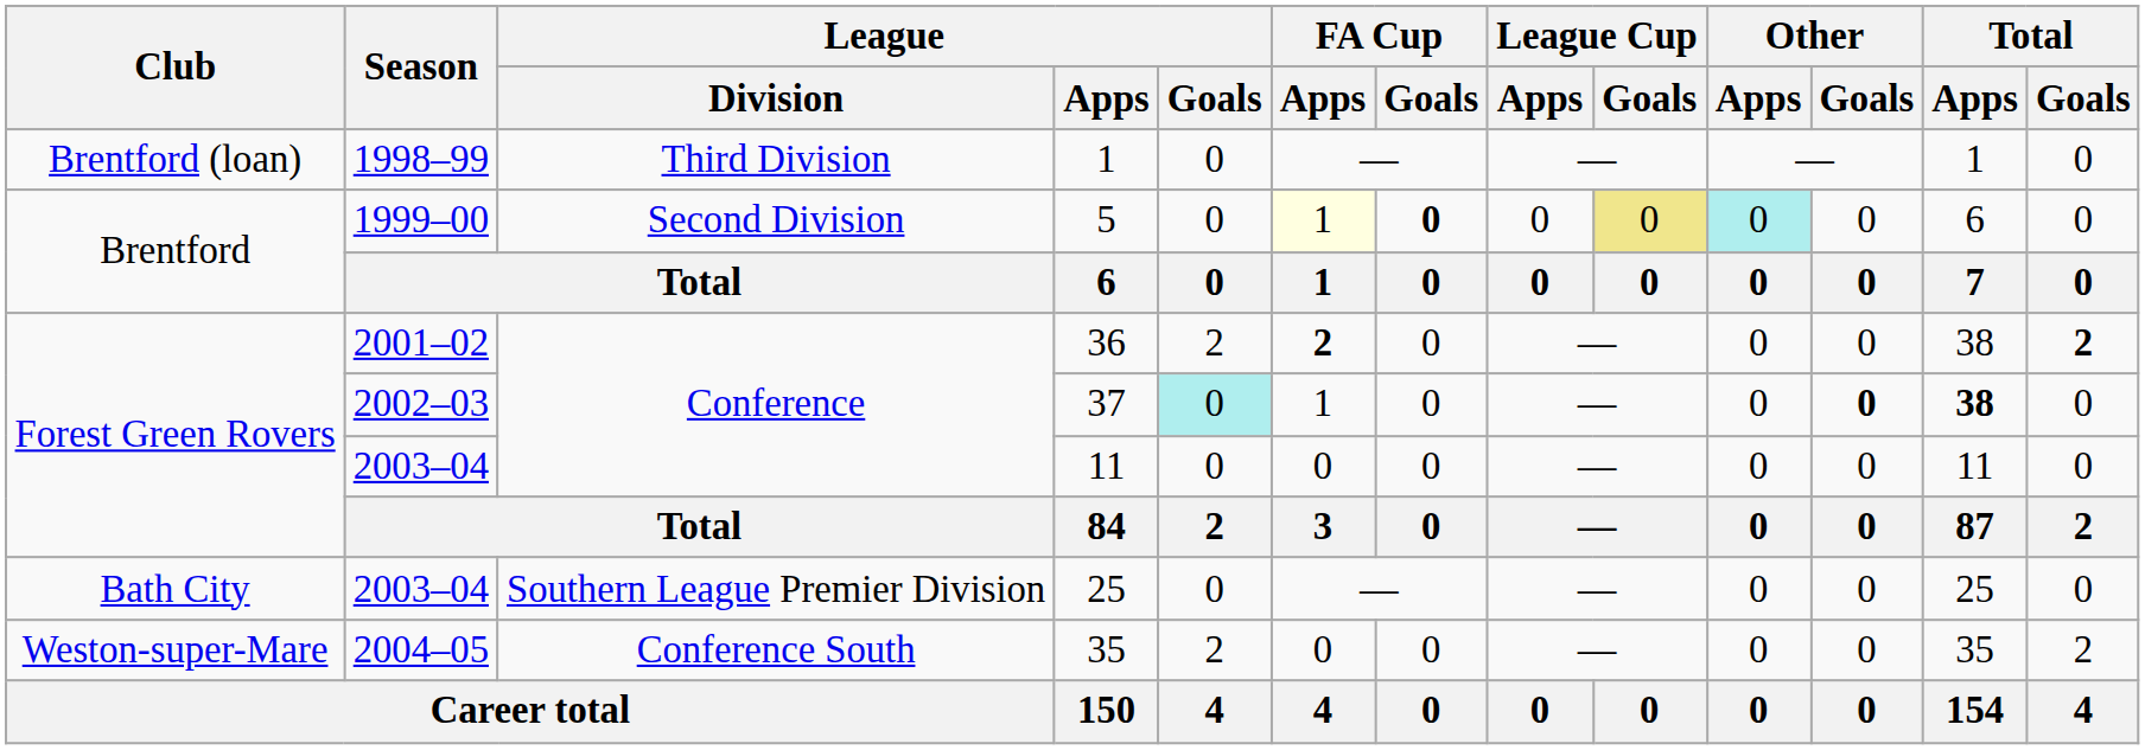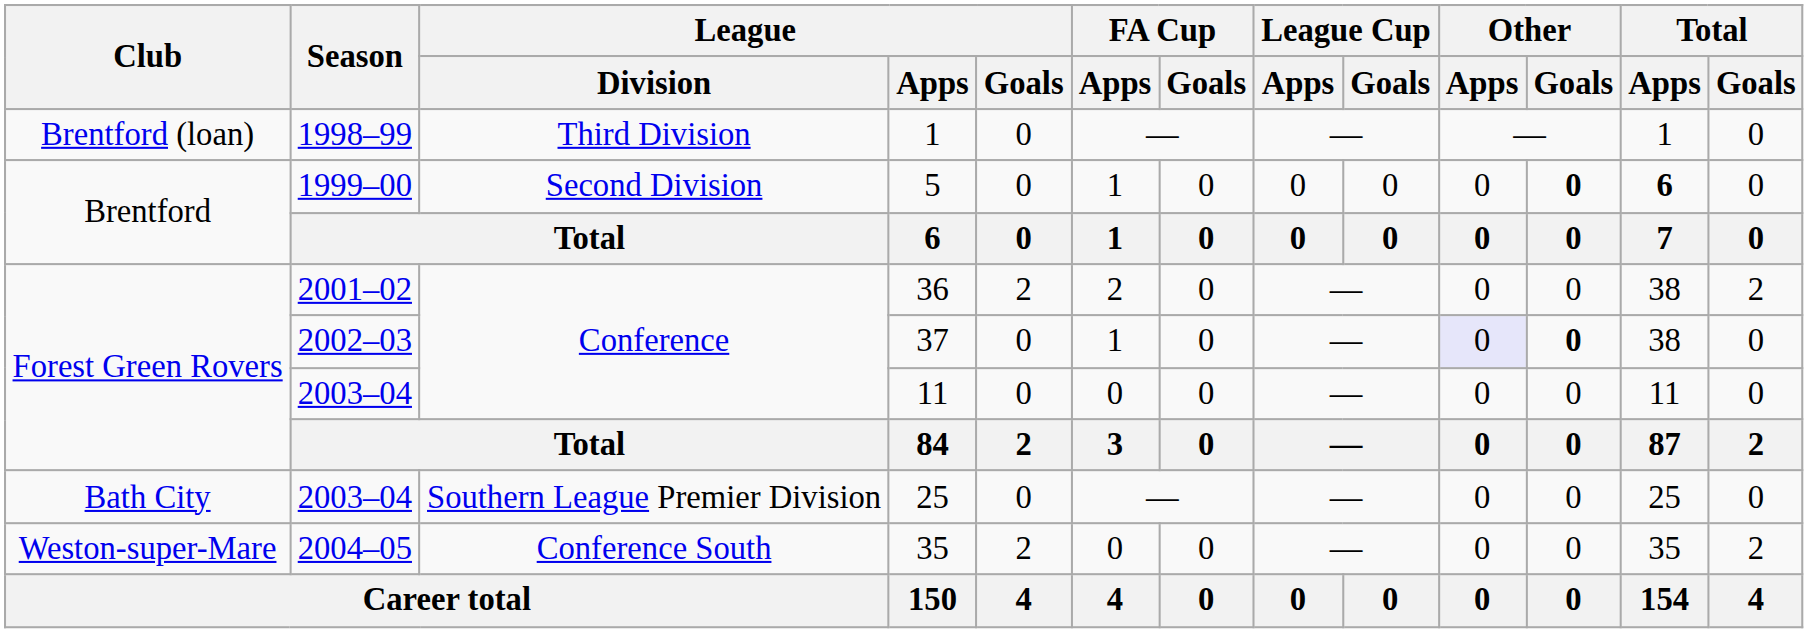 <table class="wikitable" style="text-align: center;">
 <tr>
 <th rowspan="2">Club</th>
 <th rowspan="2">Season</th>
 <th colspan="3">League</th>
 <th colspan="2">FA Cup</th>
 <th colspan="2">League Cup</th>
 <th colspan="2">Other</th>
 <th colspan="2">Total</th>
 </tr>
 <tr>
 <th>Division</th>
 <th>Apps</th>
 <th>Goals</th>
 <th>Apps</th>
 <th>Goals</th>
 <th>Apps</th>
 <th>Goals</th>
 <th>Apps</th>
 <th>Goals</th>
 <th>Apps</th>
 <th>Goals</th>
 </tr>
 <tr>
 <td><a href='#'>Brentford</a> (loan)</td>
 <td><a href='#'>1998–99</a></td>
 <td><a href='#'>Third Division</a></td>
 <td>1</td>
 <td>0</td>
 <td colspan="2">—</td>
 <td colspan="2">—</td>
 <td colspan="2">—</td>
 <td>1</td>
 <td>0</td>
 </tr>
 <tr>
 <td rowspan="2">Brentford</td>
 <td><a href='#'>1999–00</a></td>
 <td><a href='#'>Second Division</a></td>
 <td>5</td>
 <td>0</td>
-<td style="background: lightyellow;">1</td>
+<td>1</td>
+<td>0</td>
+<td>0</td>
+<td>0</td>
+<td>0</td>
 <td><strong>0</strong></td>
-<td>0</td>
-<td style="background: khaki;">0</td>
-<td style="background: paleturquoise;">0</td>
-<td>0</td>
-<td>6</td>
+<td><strong>6</strong></td>
 <td>0</td>
 </tr>
 <tr>
 <th colspan="2">Total</th>
 <th>6</th>
 <th>0</th>
 <th>1</th>
 <th>0</th>
 <th>0</th>
 <th>0</th>
 <th>0</th>
 <th>0</th>
 <th>7</th>
 <th>0</th>
 </tr>
 <tr>
 <td rowspan="4"><a href='#'>Forest Green Rovers</a></td>
 <td><a href='#'>2001–02</a></td>
 <td rowspan="3"><a href='#'>Conference</a></td>
 <td>36</td>
 <td>2</td>
-<td><strong>2</strong></td>
+<td>2</td>
 <td>0</td>
 <td colspan="2">—</td>
 <td>0</td>
 <td>0</td>
 <td>38</td>
-<td><strong>2</strong></td>
+<td>2</td>
 </tr>
 <tr>
 <td><a href='#'>2002–03</a></td>
 <td>37</td>
-<td style="background: paleturquoise;">0</td>
+<td>0</td>
 <td>1</td>
 <td>0</td>
 <td colspan="2">—</td>
-<td>0</td>
+<td style="background: lavender;">0</td>
 <td><strong>0</strong></td>
-<td><strong>38</strong></td>
+<td>38</td>
 <td>0</td>
 </tr>
 <tr>
 <td><a href='#'>2003–04</a></td>
 <td>11</td>
 <td>0</td>
 <td>0</td>
 <td>0</td>
 <td colspan="2">—</td>
 <td>0</td>
 <td>0</td>
 <td>11</td>
 <td>0</td>
 </tr>
 <tr>
 <th colspan="2">Total</th>
 <th>84</th>
 <th>2</th>
 <th>3</th>
 <th>0</th>
 <th colspan="2">—</th>
 <th>0</th>
 <th>0</th>
 <th>87</th>
 <th>2</th>
 </tr>
 <tr>
 <td><a href='#'>Bath City</a></td>
 <td><a href='#'>2003–04</a></td>
 <td><a href='#'>Southern League</a> Premier Division</td>
 <td>25</td>
 <td>0</td>
 <td colspan="2">—</td>
 <td colspan="2">—</td>
 <td>0</td>
 <td>0</td>
 <td>25</td>
 <td>0</td>
 </tr>
 <tr>
 <td><a href='#'>Weston-super-Mare</a></td>
 <td><a href='#'>2004–05</a></td>
 <td><a href='#'>Conference South</a></td>
 <td>35</td>
 <td>2</td>
 <td>0</td>
 <td>0</td>
 <td colspan="2">—</td>
 <td>0</td>
 <td>0</td>
 <td>35</td>
 <td>2</td>
 </tr>
 <tr>
 <th colspan="3">Career total</th>
 <th>150</th>
 <th>4</th>
 <th>4</th>
 <th>0</th>
 <th>0</th>
 <th>0</th>
 <th>0</th>
 <th>0</th>
 <th>154</th>
 <th>4</th>
 </tr>
 </table>
